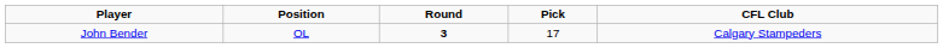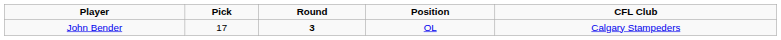 <table class="wikitable" width="80%">
 <tr align="center">
 <td><strong>Player</strong></td>
+<td><strong>Pick</strong></td>
+<td><strong>Round</strong></td>
 <td><strong>Position</strong></td>
-<td><strong>Round</strong></td>
-<td><strong>Pick</strong></td>
 <td><strong>CFL Club</strong></td>
 </tr>
 <tr align="center" bgcolor="">
 <td><a href='#'>John Bender</a></td>
+<td>17</td>
+<td><strong>3</strong></td>
 <td><a href='#'>OL</a></td>
-<td><strong>3</strong></td>
-<td>17</td>
 <td><a href='#'>Calgary Stampeders</a></td>
 </tr>
 </table>
